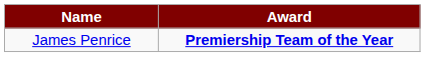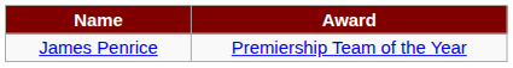 <table class="wikitable" style="font-size: 95%; text-align: center;">
 <tr>
 <th scope="col" style="background:maroon; color:white; width:150px;">Name</th>
 <th scope="col" style="background:maroon; color:white; width:260px;">Award</th>
 </tr>
 <tr>
 <td><a href='#'>James Penrice</a></td>
-<td><strong><a href='#'>Premiership Team of the Year</a></strong></td>
+<td><a href='#'>Premiership Team of the Year</a></td>
 </tr>
 </table>
